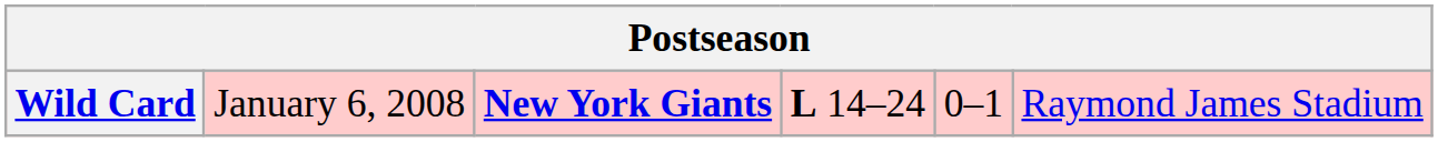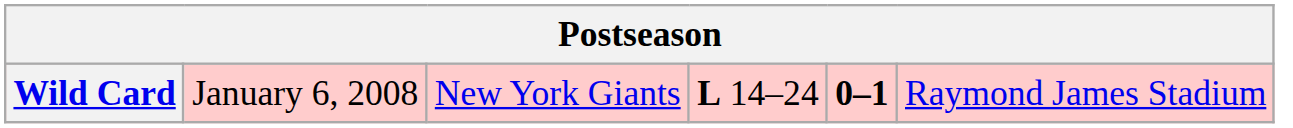 <table class="wikitable" style="font-size: 95%">
 <tr>
 <th colspan=7>Postseason</th>
 </tr>
 <tr style="background:#fcc;">
 <th style="text-align:center;"><a href='#'>Wild Card</a></th>
 <td style="text-align:center;">January 6, 2008</td>
-<td><strong><a href='#'>New York Giants</a></strong></td>
+<td><a href='#'>New York Giants</a></td>
 <td style="text-align:center;"><strong>L</strong> 14–24</td>
-<td style="text-align:center;">0–1</td>
+<td style="text-align:center;"><strong>0–1</strong></td>
 <td style="text-align:center;"><a href='#'>Raymond James Stadium</a></td>
 </tr>
 </table>
